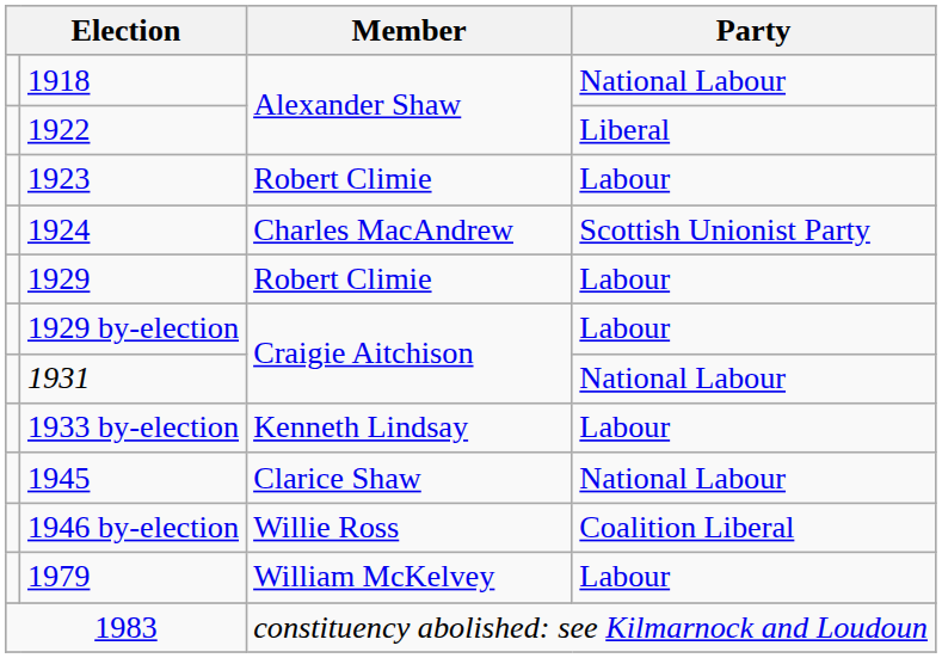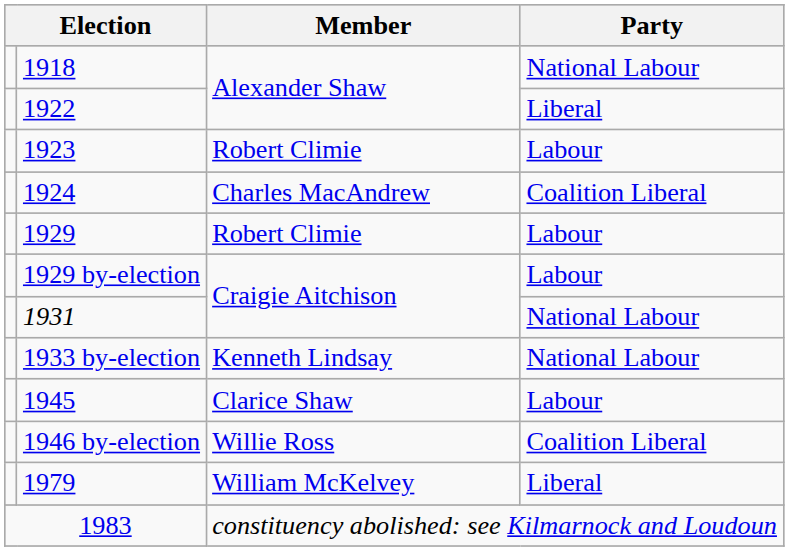 <table class="wikitable">
 <tr>
 <th colspan="2">Election</th>
 <th>Member</th>
 <th>Party</th>
 </tr>
 <tr>
 <td style="color:inherit;background-color: "></td>
 <td><a href='#'>1918</a></td>
 <td rowspan="2"><a href='#'>Alexander Shaw</a></td>
 <td><a href='#'>National Labour</a></td>
 </tr>
 <tr>
 <td style="color:inherit;background-color: "></td>
 <td><a href='#'>1922</a></td>
 <td><a href='#'>Liberal</a></td>
 </tr>
 <tr>
 <td style="color:inherit;background-color: "></td>
 <td><a href='#'>1923</a></td>
 <td><a href='#'>Robert Climie</a></td>
 <td><a href='#'>Labour</a></td>
 </tr>
 <tr>
 <td style="color:inherit;background-color: "></td>
 <td><a href='#'>1924</a></td>
 <td><a href='#'>Charles MacAndrew</a></td>
-<td><a href='#'>Scottish Unionist Party</a></td>
+<td><a href='#'>Coalition Liberal</a></td>
 </tr>
 <tr>
 <td style="color:inherit;background-color: "></td>
 <td><a href='#'>1929</a></td>
 <td><a href='#'>Robert Climie</a></td>
 <td><a href='#'>Labour</a></td>
 </tr>
 <tr>
 <td style="color:inherit;background-color: "></td>
 <td><a href='#'>1929 by-election</a></td>
 <td rowspan="2"><a href='#'>Craigie Aitchison</a></td>
 <td><a href='#'>Labour</a></td>
 </tr>
 <tr>
 <td style="color:inherit;background-color: "></td>
 <td><em>1931</em></td>
 <td><a href='#'>National Labour</a></td>
 </tr>
 <tr>
 <td style="color:inherit;background-color: "></td>
 <td><a href='#'>1933 by-election</a></td>
 <td><a href='#'>Kenneth Lindsay</a></td>
-<td><a href='#'>Labour</a></td>
+<td><a href='#'>National Labour</a></td>
 </tr>
 <tr>
 <td style="color:inherit;background-color: "></td>
 <td><a href='#'>1945</a></td>
 <td><a href='#'>Clarice Shaw</a></td>
-<td><a href='#'>National Labour</a></td>
+<td><a href='#'>Labour</a></td>
 </tr>
 <tr>
 <td style="color:inherit;background-color: "></td>
 <td><a href='#'>1946 by-election</a></td>
 <td><a href='#'>Willie Ross</a></td>
 <td><a href='#'>Coalition Liberal</a></td>
 </tr>
 <tr>
 <td style="color:inherit;background-color: "></td>
 <td><a href='#'>1979</a></td>
 <td><a href='#'>William McKelvey</a></td>
-<td><a href='#'>Labour</a></td>
+<td><a href='#'>Liberal</a></td>
 </tr>
 <tr>
 <td colspan="2" align="center"><a href='#'>1983</a></td>
 <td colspan="2"><em>constituency abolished: see <a href='#'>Kilmarnock and Loudoun</a></em></td>
 </tr>
 </table>
